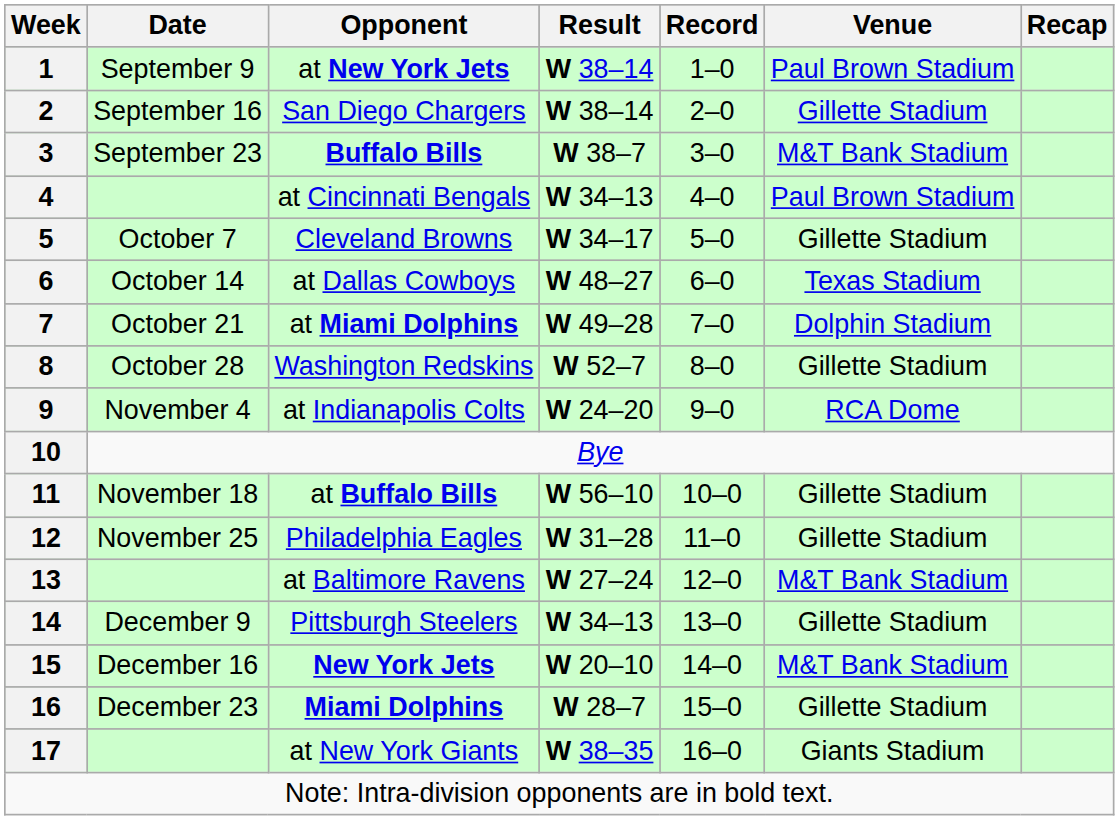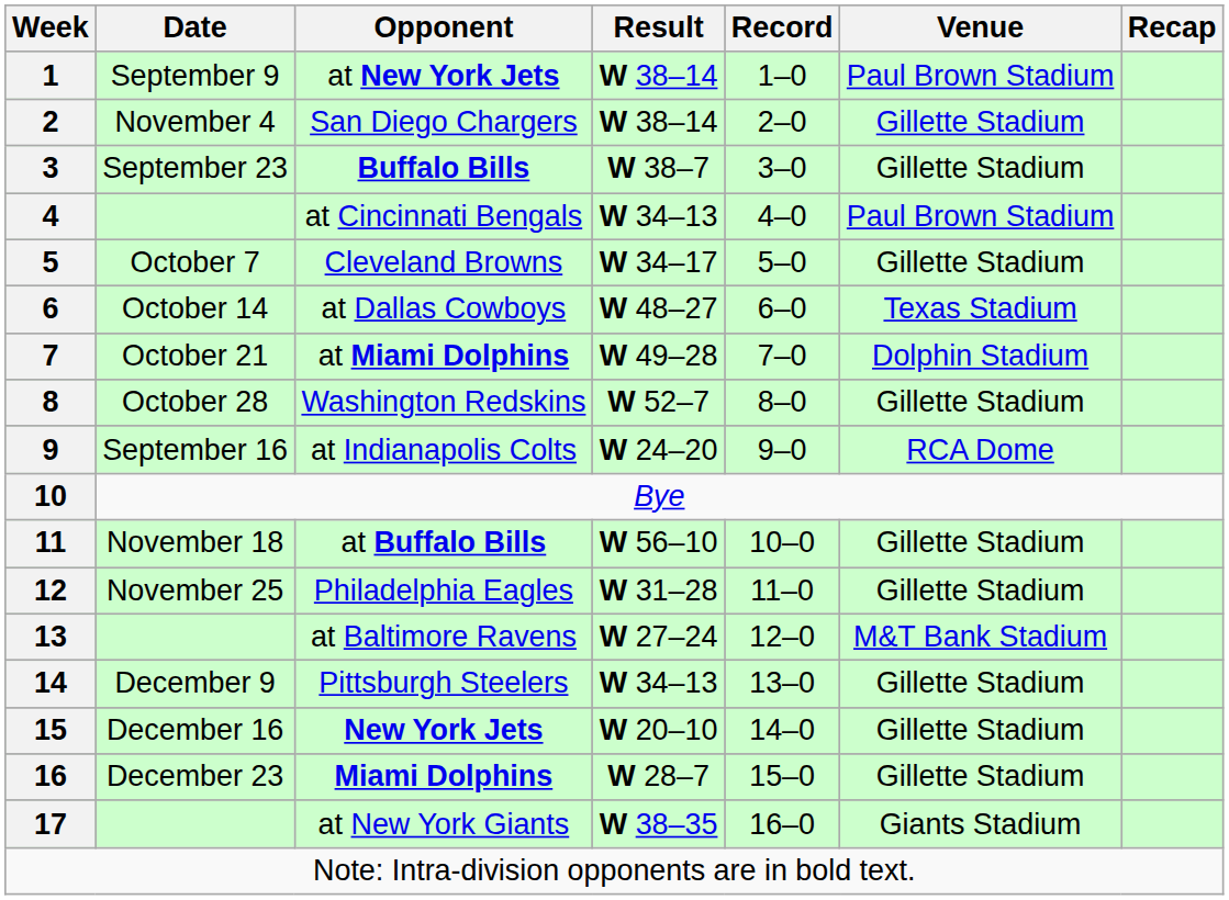 <table class="wikitable" style="text-align:center">
 <tr>
 <th>Week</th>
 <th>Date</th>
 <th>Opponent</th>
 <th>Result</th>
 <th>Record</th>
 <th>Venue</th>
 <th>Recap</th>
 </tr>
 <tr style="background:#cfc;">
 <th>1</th>
 <td>September 9</td>
 <td>at <strong><a href='#'>New York Jets</a></strong></td>
 <td><strong>W</strong> <a href='#'>38–14</a></td>
 <td>1–0</td>
 <td><a href='#'>Paul Brown Stadium</a></td>
 <td></td>
 </tr>
 <tr style="background:#cfc;">
 <th>2</th>
-<td>September 16</td>
+<td>November 4</td>
 <td><a href='#'>San Diego Chargers</a></td>
 <td><strong>W</strong> 38–14</td>
 <td>2–0</td>
 <td><a href='#'>Gillette Stadium</a></td>
 <td></td>
 </tr>
 <tr style="background:#cfc;">
 <th>3</th>
 <td>September 23</td>
 <td><strong><a href='#'>Buffalo Bills</a></strong></td>
 <td><strong>W</strong> 38–7</td>
 <td>3–0</td>
-<td><a href='#'>M&T Bank Stadium</a></td>
+<td>Gillette Stadium</td>
 <td></td>
 </tr>
 <tr style="background:#cfc;">
 <th>4</th>
 <td></td>
 <td>at <a href='#'>Cincinnati Bengals</a></td>
 <td><strong>W</strong> 34–13</td>
 <td>4–0</td>
 <td><a href='#'>Paul Brown Stadium</a></td>
 <td></td>
 </tr>
 <tr style="background:#cfc;">
 <th>5</th>
 <td>October 7</td>
 <td><a href='#'>Cleveland Browns</a></td>
 <td><strong>W</strong> 34–17</td>
 <td>5–0</td>
 <td>Gillette Stadium</td>
 <td></td>
 </tr>
 <tr style="background:#cfc;">
 <th>6</th>
 <td>October 14</td>
 <td>at <a href='#'>Dallas Cowboys</a></td>
 <td><strong>W</strong> 48–27</td>
 <td>6–0</td>
 <td><a href='#'>Texas Stadium</a></td>
 <td></td>
 </tr>
 <tr style="background:#cfc;">
 <th>7</th>
 <td>October 21</td>
 <td>at <strong><a href='#'>Miami Dolphins</a></strong></td>
 <td><strong>W</strong> 49–28</td>
 <td>7–0</td>
 <td><a href='#'>Dolphin Stadium</a></td>
 <td></td>
 </tr>
 <tr style="background:#cfc;">
 <th>8</th>
 <td>October 28</td>
 <td><a href='#'>Washington Redskins</a></td>
 <td><strong>W</strong> 52–7</td>
 <td>8–0</td>
 <td>Gillette Stadium</td>
 <td></td>
 </tr>
 <tr style="background:#cfc;">
 <th>9</th>
-<td>November 4</td>
+<td>September 16</td>
 <td>at <a href='#'>Indianapolis Colts</a></td>
 <td><strong>W</strong> 24–20</td>
 <td>9–0</td>
 <td><a href='#'>RCA Dome</a></td>
 <td></td>
 </tr>
 <tr style="text-align:center;">
 <th>10</th>
 <td colspan="6" style="text-align:center;"><em><a href='#'>Bye</a></em></td>
 </tr>
 <tr style="background:#cfc;">
 <th>11</th>
 <td>November 18</td>
 <td>at <strong><a href='#'>Buffalo Bills</a></strong></td>
 <td><strong>W</strong> 56–10</td>
 <td>10–0</td>
 <td>Gillette Stadium</td>
 <td></td>
 </tr>
 <tr style="background:#cfc;">
 <th>12</th>
 <td>November 25</td>
 <td><a href='#'>Philadelphia Eagles</a></td>
 <td><strong>W</strong> 31–28</td>
 <td>11–0</td>
 <td>Gillette Stadium</td>
 <td></td>
 </tr>
 <tr style="background:#cfc;">
 <th>13</th>
 <td></td>
 <td>at <a href='#'>Baltimore Ravens</a></td>
 <td><strong>W</strong> 27–24</td>
 <td>12–0</td>
 <td><a href='#'>M&T Bank Stadium</a></td>
 <td></td>
 </tr>
 <tr style="background:#cfc;">
 <th>14</th>
 <td>December 9</td>
 <td><a href='#'>Pittsburgh Steelers</a></td>
 <td><strong>W</strong> 34–13</td>
 <td>13–0</td>
 <td>Gillette Stadium</td>
 <td></td>
 </tr>
 <tr style="background:#cfc;">
 <th>15</th>
 <td>December 16</td>
 <td><strong><a href='#'>New York Jets</a></strong></td>
 <td><strong>W</strong> 20–10</td>
 <td>14–0</td>
-<td><a href='#'>M&T Bank Stadium</a></td>
+<td>Gillette Stadium</td>
 <td></td>
 </tr>
 <tr style="background:#cfc;">
 <th>16</th>
 <td>December 23</td>
 <td><strong><a href='#'>Miami Dolphins</a></strong></td>
 <td><strong>W</strong> 28–7</td>
 <td>15–0</td>
 <td>Gillette Stadium</td>
 <td></td>
 </tr>
 <tr style="background:#cfc;">
 <th>17</th>
 <td></td>
 <td>at <a href='#'>New York Giants</a></td>
 <td><strong>W</strong> <a href='#'>38–35</a></td>
 <td>16–0</td>
 <td>Giants Stadium</td>
 <td></td>
 </tr>
 <tr>
 <td colspan="7">Note: Intra-division opponents are in bold text.</td>
 </tr>
 </table>
